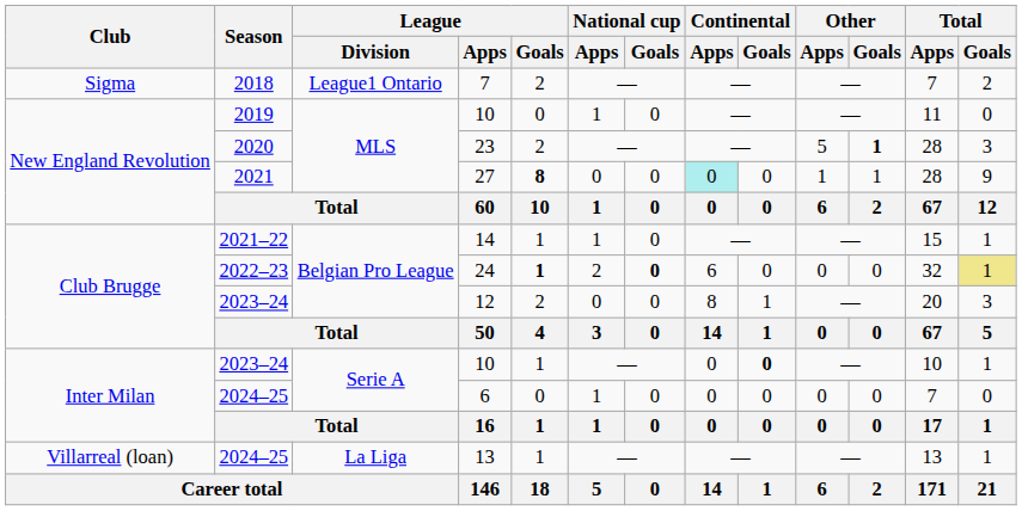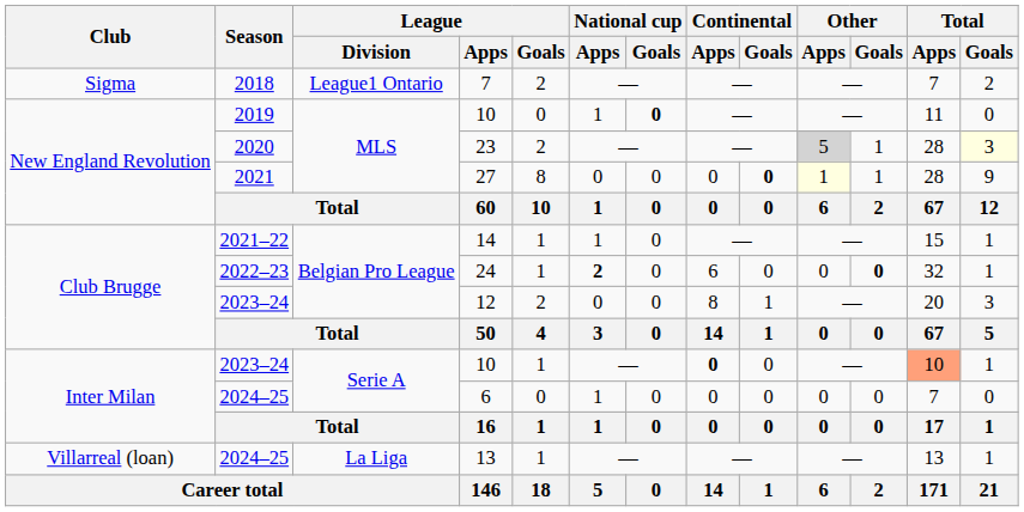 <table class="wikitable" style="text-align:center">
 <tr>
 <th rowspan="2">Club</th>
 <th rowspan="2">Season</th>
 <th colspan="3">League</th>
 <th colspan="2">National cup</th>
 <th colspan="2">Continental</th>
 <th colspan="2">Other</th>
 <th colspan="2">Total</th>
 </tr>
 <tr>
 <th>Division</th>
 <th>Apps</th>
 <th>Goals</th>
 <th>Apps</th>
 <th>Goals</th>
 <th>Apps</th>
 <th>Goals</th>
 <th>Apps</th>
 <th>Goals</th>
 <th>Apps</th>
 <th>Goals</th>
 </tr>
 <tr>
 <td><a href='#'>Sigma</a></td>
 <td><a href='#'>2018</a></td>
 <td><a href='#'>League1 Ontario</a></td>
 <td>7</td>
 <td>2</td>
 <td colspan="2">—</td>
 <td colspan="2">—</td>
 <td colspan="2">—</td>
 <td>7</td>
 <td>2</td>
 </tr>
 <tr>
 <td rowspan="4"><a href='#'>New England Revolution</a></td>
 <td><a href='#'>2019</a></td>
 <td rowspan="3"><a href='#'>MLS</a></td>
 <td>10</td>
 <td>0</td>
 <td>1</td>
-<td>0</td>
+<td><strong>0</strong></td>
 <td colspan="2">—</td>
 <td colspan="2">—</td>
 <td>11</td>
 <td>0</td>
 </tr>
 <tr>
 <td><a href='#'>2020</a></td>
 <td>23</td>
 <td>2</td>
 <td colspan="2">—</td>
 <td colspan="2">—</td>
-<td>5</td>
-<td><strong>1</strong></td>
+<td style="background: lightgrey;">5</td>
+<td>1</td>
 <td>28</td>
-<td>3</td>
+<td style="background: lightyellow;">3</td>
 </tr>
 <tr>
 <td><a href='#'>2021</a></td>
 <td>27</td>
-<td><strong>8</strong></td>
+<td>8</td>
 <td>0</td>
 <td>0</td>
-<td style="background: paleturquoise;">0</td>
 <td>0</td>
-<td>1</td>
+<td><strong>0</strong></td>
+<td style="background: lightyellow;">1</td>
 <td>1</td>
 <td>28</td>
 <td>9</td>
 </tr>
 <tr>
 <th colspan="2">Total</th>
 <th>60</th>
 <th>10</th>
 <th>1</th>
 <th>0</th>
 <th>0</th>
 <th>0</th>
 <th>6</th>
 <th>2</th>
 <th>67</th>
 <th>12</th>
 </tr>
 <tr>
 <td rowspan="4"><a href='#'>Club Brugge</a></td>
 <td><a href='#'>2021–22</a></td>
 <td rowspan="3"><a href='#'>Belgian Pro League</a></td>
 <td>14</td>
 <td>1</td>
 <td>1</td>
 <td>0</td>
 <td colspan="2">—</td>
 <td colspan="2">—</td>
 <td>15</td>
 <td>1</td>
 </tr>
 <tr>
 <td><a href='#'>2022–23</a></td>
 <td>24</td>
-<td><strong>1</strong></td>
-<td>2</td>
-<td><strong>0</strong></td>
+<td>1</td>
+<td><strong>2</strong></td>
+<td>0</td>
 <td>6</td>
 <td>0</td>
 <td>0</td>
-<td>0</td>
+<td><strong>0</strong></td>
 <td>32</td>
-<td style="background: khaki;">1</td>
+<td>1</td>
 </tr>
 <tr>
 <td><a href='#'>2023–24</a></td>
 <td>12</td>
 <td>2</td>
 <td>0</td>
 <td>0</td>
 <td>8</td>
 <td>1</td>
 <td colspan="2">—</td>
 <td>20</td>
 <td>3</td>
 </tr>
 <tr>
 <th colspan="2">Total</th>
 <th>50</th>
 <th>4</th>
 <th>3</th>
 <th>0</th>
 <th>14</th>
 <th>1</th>
 <th>0</th>
 <th>0</th>
 <th>67</th>
 <th>5</th>
 </tr>
 <tr>
 <td rowspan="3"><a href='#'>Inter Milan</a></td>
 <td><a href='#'>2023–24</a></td>
 <td rowspan="2"><a href='#'>Serie A</a></td>
 <td>10</td>
 <td>1</td>
 <td colspan="2">—</td>
+<td><strong>0</strong></td>
 <td>0</td>
-<td><strong>0</strong></td>
 <td colspan="2">—</td>
-<td>10</td>
+<td style="background: lightsalmon;">10</td>
 <td>1</td>
 </tr>
 <tr>
 <td><a href='#'>2024–25</a></td>
 <td>6</td>
 <td>0</td>
 <td>1</td>
 <td>0</td>
 <td>0</td>
 <td>0</td>
 <td>0</td>
 <td>0</td>
 <td>7</td>
 <td>0</td>
 </tr>
 <tr>
 <th colspan="2">Total</th>
 <th>16</th>
 <th>1</th>
 <th>1</th>
 <th>0</th>
 <th>0</th>
 <th>0</th>
 <th>0</th>
 <th>0</th>
 <th>17</th>
 <th>1</th>
 </tr>
 <tr>
 <td><a href='#'>Villarreal</a> (loan)</td>
 <td><a href='#'>2024–25</a></td>
 <td><a href='#'>La Liga</a></td>
 <td>13</td>
 <td>1</td>
 <td colspan="2">—</td>
 <td colspan="2">—</td>
 <td colspan="2">—</td>
 <td>13</td>
 <td>1</td>
 </tr>
 <tr>
 <th colspan="3">Career total</th>
 <th>146</th>
 <th>18</th>
 <th>5</th>
 <th>0</th>
 <th>14</th>
 <th>1</th>
 <th>6</th>
 <th>2</th>
 <th>171</th>
 <th>21</th>
 </tr>
 </table>
